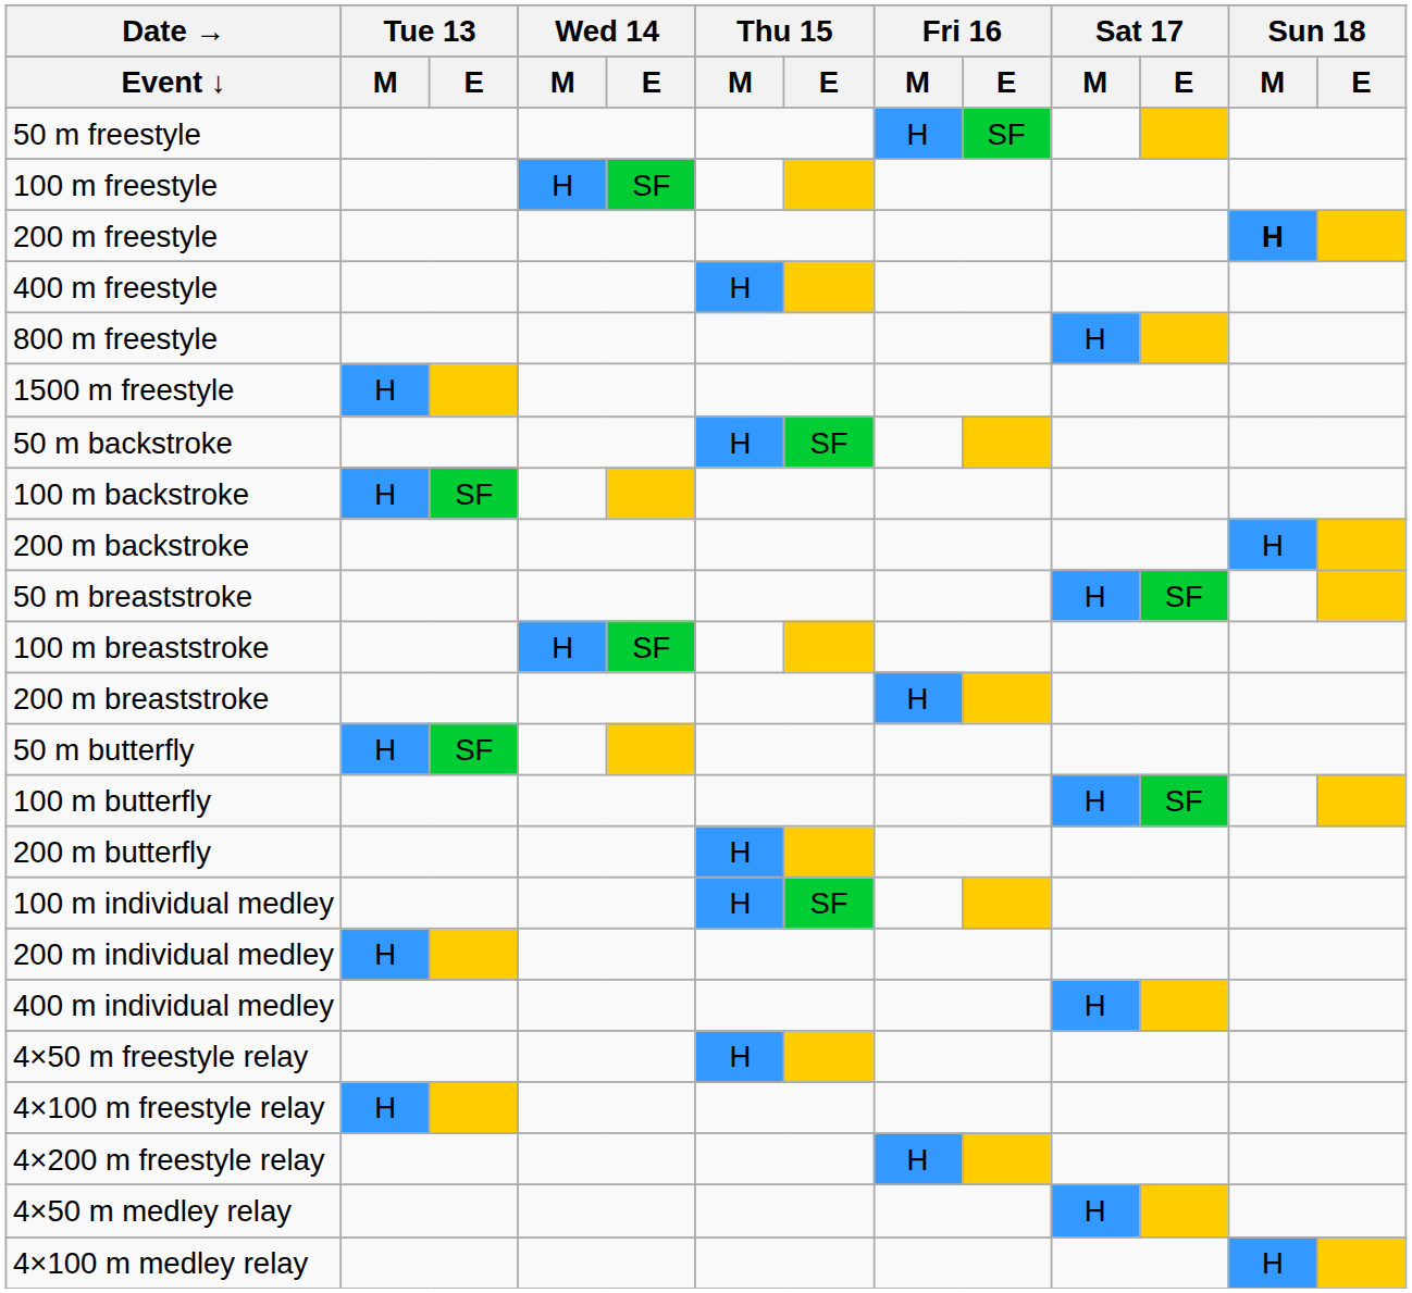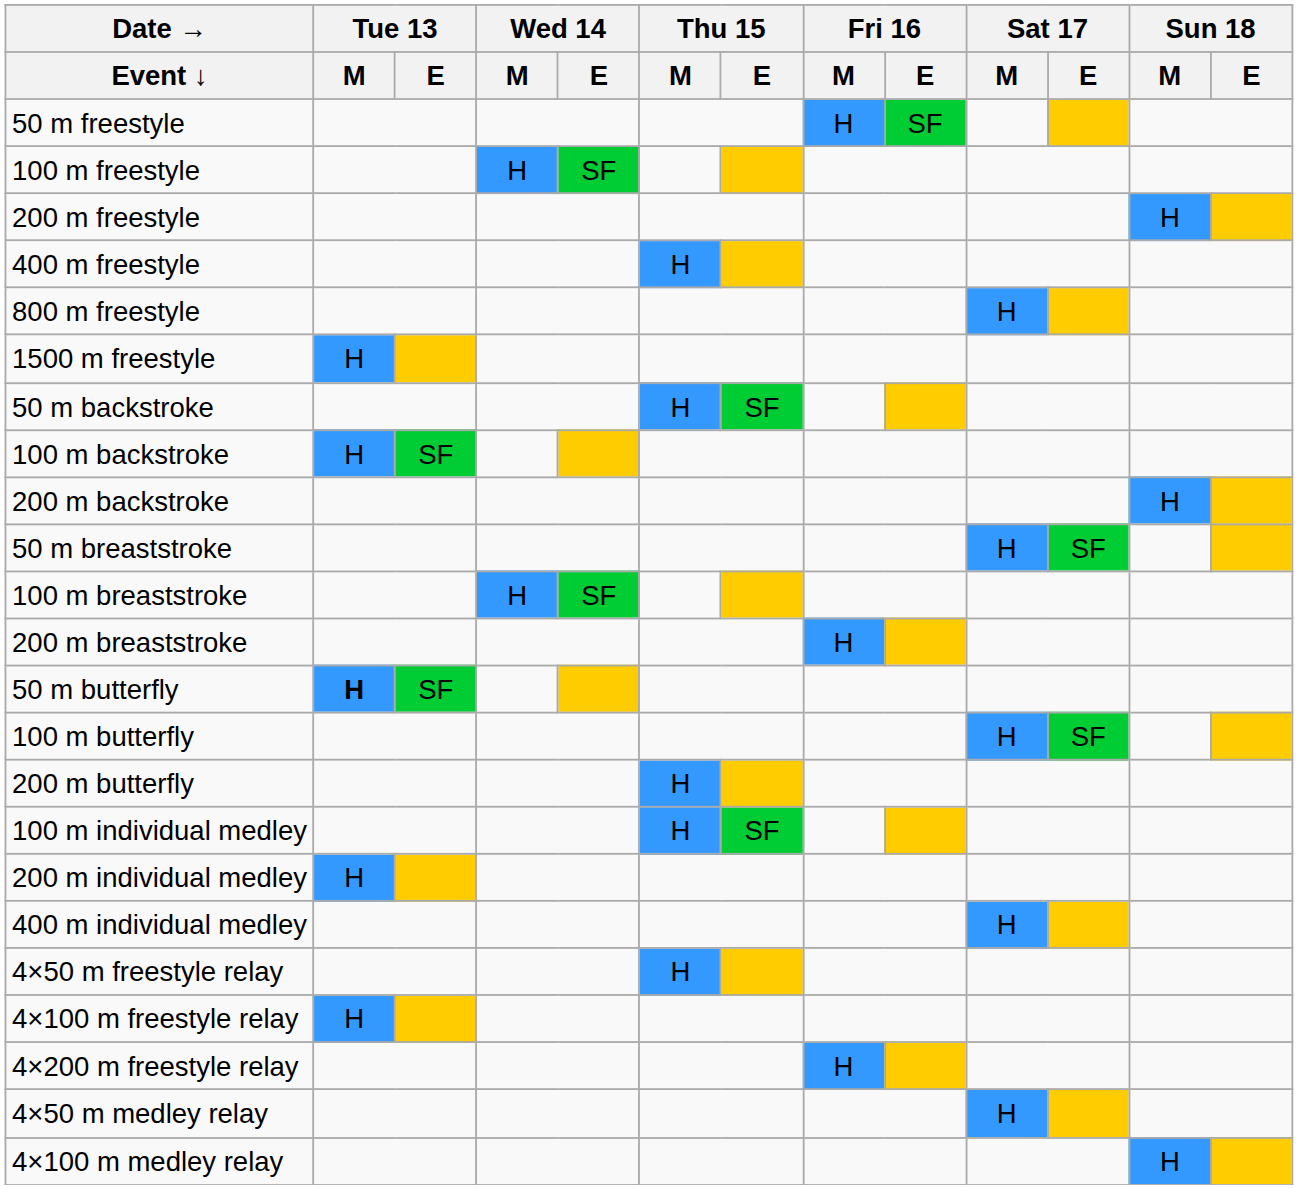 <table class="wikitable" style="margin:0.5em auto; font-size:95%; line-height:1.25em;">
 <tr style="text-align:center;">
 <th>Date →</th>
 <th colspan="2">Tue 13</th>
 <th colspan="2">Wed 14</th>
 <th colspan="2">Thu 15</th>
 <th colspan="2">Fri 16</th>
 <th colspan="2">Sat 17</th>
 <th colspan="2">Sun 18</th>
 </tr>
 <tr>
 <th>Event   ↓</th>
 <th style="width:2.5em;">M</th>
 <th style="width:2.5em;">E</th>
 <th style="width:2.5em;">M</th>
 <th style="width:2.5em;">E</th>
 <th style="width:2.5em;">M</th>
 <th style="width:2.5em;">E</th>
 <th style="width:2.5em;">M</th>
 <th style="width:2.5em;">E</th>
 <th style="width:2.5em;">M</th>
 <th style="width:2.5em;">E</th>
 <th style="width:2.5em;">M</th>
 <th style="width:2.5em;">E</th>
 </tr>
 <tr style="text-align:center;">
 <td style="text-align:left;">50 m freestyle</td>
 <td colspan="2"></td>
 <td colspan="2"></td>
 <td colspan="2"></td>
 <td style="background-color:#3399ff;">H</td>
 <td style="background-color:#00cc33;">SF</td>
 <td></td>
 <td style="background-color:#ffcc00;"></td>
 <td colspan="2"></td>
 </tr>
 <tr style="text-align:center;">
 <td style="text-align:left;">100 m freestyle</td>
 <td colspan="2"></td>
 <td style="background-color:#3399ff;">H</td>
 <td style="background-color:#00cc33;">SF</td>
 <td></td>
 <td style="background-color:#ffcc00;"></td>
 <td colspan="2"></td>
 <td colspan="2"></td>
 <td colspan="2"></td>
 </tr>
 <tr style="text-align:center;">
 <td style="text-align:left;">200 m freestyle</td>
 <td colspan="2"></td>
 <td colspan="2"></td>
 <td colspan="2"></td>
 <td colspan="2"></td>
 <td colspan="2"></td>
-<td style="background-color:#3399ff;"><strong>H</strong></td>
+<td style="background-color:#3399ff;">H</td>
 <td style="background-color:#ffcc00;"></td>
 </tr>
 <tr style="text-align:center;">
 <td style="text-align:left;">400 m freestyle</td>
 <td colspan="2"></td>
 <td colspan="2"></td>
 <td style="background-color:#3399ff;">H</td>
 <td style="background-color:#ffcc00;"></td>
 <td colspan="2"></td>
 <td colspan="2"></td>
 <td colspan="2"></td>
 </tr>
 <tr style="text-align:center;">
 <td style="text-align:left;">800 m freestyle</td>
 <td colspan="2"></td>
 <td colspan="2"></td>
 <td colspan="2"></td>
 <td colspan="2"></td>
 <td style="background-color:#3399ff;">H</td>
 <td style="background-color:#ffcc00;"></td>
 <td colspan="2"></td>
 </tr>
 <tr style="text-align:center;">
 <td style="text-align:left;">1500 m freestyle</td>
 <td style="background-color:#3399ff;">H</td>
 <td style="background-color:#ffcc00;"></td>
 <td colspan="2"></td>
 <td colspan="2"></td>
 <td colspan="2"></td>
 <td colspan="2"></td>
 <td colspan="2"></td>
 </tr>
 <tr style="text-align:center;">
 <td style="text-align:left;">50 m backstroke</td>
 <td colspan="2"></td>
 <td colspan="2"></td>
 <td style="background-color:#3399ff;">H</td>
 <td style="background-color:#00cc33;">SF</td>
 <td></td>
 <td style="background-color:#ffcc00;"></td>
 <td colspan="2"></td>
 <td colspan="2"></td>
 </tr>
 <tr style="text-align:center;">
 <td style="text-align:left;">100 m backstroke</td>
 <td style="background-color:#3399ff;">H</td>
 <td style="background-color:#00cc33;">SF</td>
 <td></td>
 <td style="background-color:#ffcc00;"></td>
 <td colspan="2"></td>
 <td colspan="2"></td>
 <td colspan="2"></td>
 <td colspan="2"></td>
 </tr>
 <tr style="text-align:center;">
 <td style="text-align:left;">200 m backstroke</td>
 <td colspan="2"></td>
 <td colspan="2"></td>
 <td colspan="2"></td>
 <td colspan="2"></td>
 <td colspan="2"></td>
 <td style="background-color:#3399ff;">H</td>
 <td style="background-color:#ffcc00;"></td>
 </tr>
 <tr style="text-align:center;">
 <td style="text-align:left;">50 m breaststroke</td>
 <td colspan="2"></td>
 <td colspan="2"></td>
 <td colspan="2"></td>
 <td colspan="2"></td>
 <td style="background-color:#3399ff;">H</td>
 <td style="background-color:#00cc33;">SF</td>
 <td></td>
 <td style="background-color:#ffcc00;"></td>
 </tr>
 <tr style="text-align:center;">
 <td style="text-align:left;">100 m breaststroke</td>
 <td colspan="2"></td>
 <td style="background-color:#3399ff;">H</td>
 <td style="background-color:#00cc33;">SF</td>
 <td></td>
 <td style="background-color:#ffcc00;"></td>
 <td colspan="2"></td>
 <td colspan="2"></td>
 <td colspan="2"></td>
 </tr>
 <tr style="text-align:center;">
 <td style="text-align:left;">200 m breaststroke</td>
 <td colspan="2"></td>
 <td colspan="2"></td>
 <td colspan="2"></td>
 <td style="background-color:#3399ff;">H</td>
 <td style="background-color:#ffcc00;"></td>
 <td colspan="2"></td>
 <td colspan="2"></td>
 </tr>
 <tr style="text-align:center;">
 <td style="text-align:left;">50 m butterfly</td>
-<td style="background-color:#3399ff;">H</td>
+<td style="background-color:#3399ff;"><strong>H</strong></td>
 <td style="background-color:#00cc33;">SF</td>
 <td></td>
 <td style="background-color:#ffcc00;"></td>
 <td colspan="2"></td>
 <td colspan="2"></td>
 <td colspan="2"></td>
 <td colspan="2"></td>
 </tr>
 <tr style="text-align:center;">
 <td style="text-align:left;">100 m butterfly</td>
 <td colspan="2"></td>
 <td colspan="2"></td>
 <td colspan="2"></td>
 <td colspan="2"></td>
 <td style="background-color:#3399ff;">H</td>
 <td style="background-color:#00cc33;">SF</td>
 <td></td>
 <td style="background-color:#ffcc00;"></td>
 </tr>
 <tr style="text-align:center;">
 <td style="text-align:left;">200 m butterfly</td>
 <td colspan="2"></td>
 <td colspan="2"></td>
 <td style="background-color:#3399ff;">H</td>
 <td style="background-color:#ffcc00;"></td>
 <td colspan="2"></td>
 <td colspan="2"></td>
 <td colspan="2"></td>
 </tr>
 <tr style="text-align:center;">
 <td style="text-align:left;">100 m individual medley</td>
 <td colspan="2"></td>
 <td colspan="2"></td>
 <td style="background-color:#3399ff;">H</td>
 <td style="background-color:#00cc33;">SF</td>
 <td></td>
 <td style="background-color:#ffcc00;"></td>
 <td colspan="2"></td>
 <td colspan="2"></td>
 </tr>
 <tr style="text-align:center;">
 <td style="text-align:left;">200 m individual medley</td>
 <td style="background-color:#3399ff;">H</td>
 <td style="background-color:#ffcc00;"></td>
 <td colspan="2"></td>
 <td colspan="2"></td>
 <td colspan="2"></td>
 <td colspan="2"></td>
 <td colspan="2"></td>
 </tr>
 <tr style="text-align:center;">
 <td style="text-align:left;">400 m individual medley</td>
 <td colspan="2"></td>
 <td colspan="2"></td>
 <td colspan="2"></td>
 <td colspan="2"></td>
 <td style="background-color:#3399ff;">H</td>
 <td style="background-color:#ffcc00;"></td>
 <td colspan="2"></td>
 </tr>
 <tr style="text-align:center;">
 <td style="text-align:left;">4×50 m freestyle relay</td>
 <td colspan="2"></td>
 <td colspan="2"></td>
 <td style="background-color:#3399ff;">H</td>
 <td style="background-color:#ffcc00;"></td>
 <td colspan="2"></td>
 <td colspan="2"></td>
 <td colspan="2"></td>
 </tr>
 <tr style="text-align:center;">
 <td style="text-align:left;">4×100 m freestyle relay</td>
 <td style="background-color:#3399ff;">H</td>
 <td style="background-color:#ffcc00;"></td>
 <td colspan="2"></td>
 <td colspan="2"></td>
 <td colspan="2"></td>
 <td colspan="2"></td>
 <td colspan="2"></td>
 </tr>
 <tr style="text-align:center;">
 <td style="text-align:left;">4×200 m freestyle relay</td>
 <td colspan="2"></td>
 <td colspan="2"></td>
 <td colspan="2"></td>
 <td style="background-color:#3399ff;">H</td>
 <td style="background-color:#ffcc00;"></td>
 <td colspan="2"></td>
 <td colspan="2"></td>
 </tr>
 <tr style="text-align:center;">
 <td style="text-align:left;">4×50 m medley relay</td>
 <td colspan="2"></td>
 <td colspan="2"></td>
 <td colspan="2"></td>
 <td colspan="2"></td>
 <td style="background-color:#3399ff;">H</td>
 <td style="background-color:#ffcc00;"></td>
 <td colspan="2"></td>
 </tr>
 <tr style="text-align:center;">
 <td style="text-align:left;">4×100 m medley relay</td>
 <td colspan="2"></td>
 <td colspan="2"></td>
 <td colspan="2"></td>
 <td colspan="2"></td>
 <td colspan="2"></td>
 <td style="background-color:#3399ff;">H</td>
 <td style="background-color:#ffcc00;"></td>
 </tr>
 </table>
